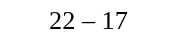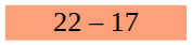 <table style="text-align:center">
 <tr>
 <th width=200></th>
 <th width=100></th>
 <th width=200></th>
 </tr>
 <tr>
 <td align=right><strong></strong></td>
-<td>22 – 17</td>
+<td style="background: lightsalmon;">22 – 17</td>
 <td align=left></td>
 </tr>
 </table>
